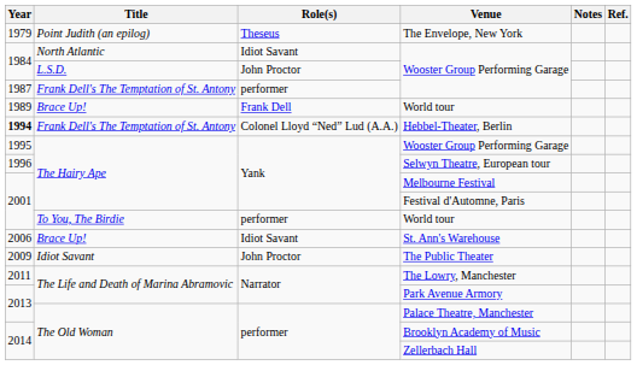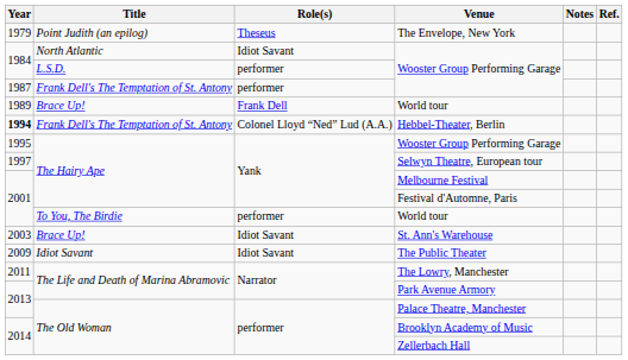 <table class="wikitable sortable">
 <tr>
 <th>Year</th>
 <th>Title</th>
 <th>Role(s)</th>
 <th>Venue</th>
 <th class="unsortable">Notes</th>
 <th>Ref.</th>
 </tr>
 <tr>
 <td>1979</td>
 <td><em>Point Judith (an epilog)</em></td>
 <td><a href='#'>Theseus</a></td>
 <td>The Envelope, New York</td>
 <td></td>
 <td></td>
 </tr>
 <tr>
 <td rowspan="2">1984</td>
 <td><em>North Atlantic</em></td>
 <td>Idiot Savant</td>
 <td rowspan="3"><a href='#'>Wooster Group</a> Performing Garage</td>
 <td></td>
 <td></td>
 </tr>
 <tr>
 <td><em><a href='#'>L.S.D.</a></em></td>
-<td>John Proctor</td>
+<td>performer</td>
 <td></td>
 <td></td>
 </tr>
 <tr>
 <td>1987</td>
 <td><em><a href='#'>Frank Dell's The Temptation of St. Antony</a></em></td>
 <td>performer</td>
 <td></td>
 <td></td>
 </tr>
 <tr>
 <td>1989</td>
 <td><em><a href='#'>Brace Up!</a></em></td>
 <td><a href='#'>Frank Dell</a></td>
 <td>World tour</td>
 <td></td>
 <td></td>
 </tr>
 <tr>
 <td><strong>1994</strong></td>
 <td><em><a href='#'>Frank Dell's The Temptation of St. Antony</a></em></td>
 <td>Colonel Lloyd “Ned” Lud (A.A.)</td>
 <td><a href='#'>Hebbel-Theater</a>, Berlin</td>
 <td></td>
 <td></td>
 </tr>
 <tr>
 <td>1995</td>
 <td rowspan="4" data-sort-value="Hairy Ape, The"><em><a href='#'>The Hairy Ape</a></em></td>
 <td rowspan="4">Yank</td>
 <td><a href='#'>Wooster Group</a> Performing Garage</td>
 <td></td>
 <td></td>
 </tr>
 <tr>
-<td>1996</td>
+<td>1997</td>
 <td><a href='#'>Selwyn Theatre</a>, European tour</td>
 <td></td>
 <td></td>
 </tr>
 <tr>
 <td rowspan="3">2001</td>
 <td><a href='#'>Melbourne Festival</a></td>
 <td></td>
 <td></td>
 </tr>
 <tr>
 <td>Festival d'Automne, Paris</td>
 <td></td>
 <td></td>
 </tr>
 <tr>
 <td><em><a href='#'>To You, The Birdie</a></em></td>
 <td>performer</td>
 <td>World tour</td>
 <td></td>
 <td></td>
 </tr>
 <tr>
-<td>2006</td>
+<td>2003</td>
 <td><em><a href='#'>Brace Up!</a></em></td>
 <td>Idiot Savant</td>
 <td><a href='#'>St. Ann's Warehouse</a></td>
 <td></td>
 <td></td>
 </tr>
 <tr>
 <td>2009</td>
 <td><em>Idiot Savant</em></td>
-<td>John Proctor</td>
+<td>Idiot Savant</td>
 <td><a href='#'>The Public Theater</a></td>
 <td></td>
 <td></td>
 </tr>
 <tr>
 <td>2011</td>
 <td rowspan="2" data-sort-value="Life and Death of Marina Abramovic, The"><em>The Life and Death of Marina Abramovic</em></td>
 <td rowspan="2">Narrator</td>
 <td><a href='#'>The Lowry</a>, Manchester</td>
 <td></td>
 <td></td>
 </tr>
 <tr>
 <td rowspan="2">2013</td>
 <td><a href='#'>Park Avenue Armory</a></td>
 <td></td>
 <td></td>
 </tr>
 <tr>
 <td rowspan="3" data-sort-value="Old Woman, The"><em>The Old Woman</em></td>
 <td rowspan="3">performer</td>
 <td><a href='#'>Palace Theatre, Manchester</a></td>
 <td></td>
 <td></td>
 </tr>
 <tr>
 <td rowspan="2">2014</td>
 <td><a href='#'>Brooklyn Academy of Music</a></td>
 <td></td>
 <td></td>
 </tr>
 <tr>
 <td><a href='#'>Zellerbach Hall</a></td>
 <td></td>
 <td></td>
 </tr>
 </table>
